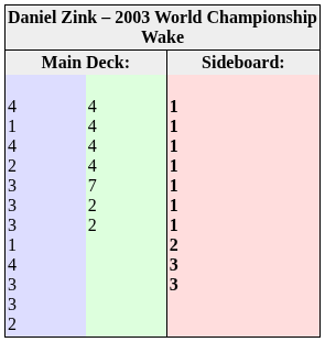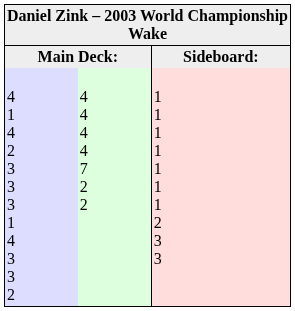 <table align="right" border="0" cellspacing="0" cellpadding="2" style="border: 1px solid black; margin-left: 1ex;">
 <tr>
 <th colspan="3" style="background-color: #eee; border-bottom: 1px solid black;">Daniel Zink – 2003 World Championship<br>Wake</th>
 </tr>
 <tr style="background-color: #eee;">
 <th colspan="2">Main Deck:</th>
 <th style="border-left: 1px solid black;">Sideboard:</th>
 </tr>
 <tr valign="top">
 <td style="background-color: #ddf;"><br>4 <br> 1 <br> 4 <br> 2 <br> 3 <br> 3 <br> 3 <br> 1 <br> 4 <br> 3 <br> 3 <br> 2 <br></td>
 <td style="background-color: #dfd;"><br>4 <br> 4 <br> 4 <br> 4 <br> 7 <br> 2 <br> 2 <br></td>
-<td style="background-color: #fdd; border-left: 1px solid black;"><strong><br>1 <br> 1 <br> 1 <br> 1 <br> 1 <br> 1 <br> 1 <br> 2 <br> 3 <br> 3 <br></strong></td>
+<td style="background-color: #fdd; border-left: 1px solid black;"><br>1 <br> 1 <br> 1 <br> 1 <br> 1 <br> 1 <br> 1 <br> 2 <br> 3 <br> 3 <br></td>
 </tr>
 </table>
